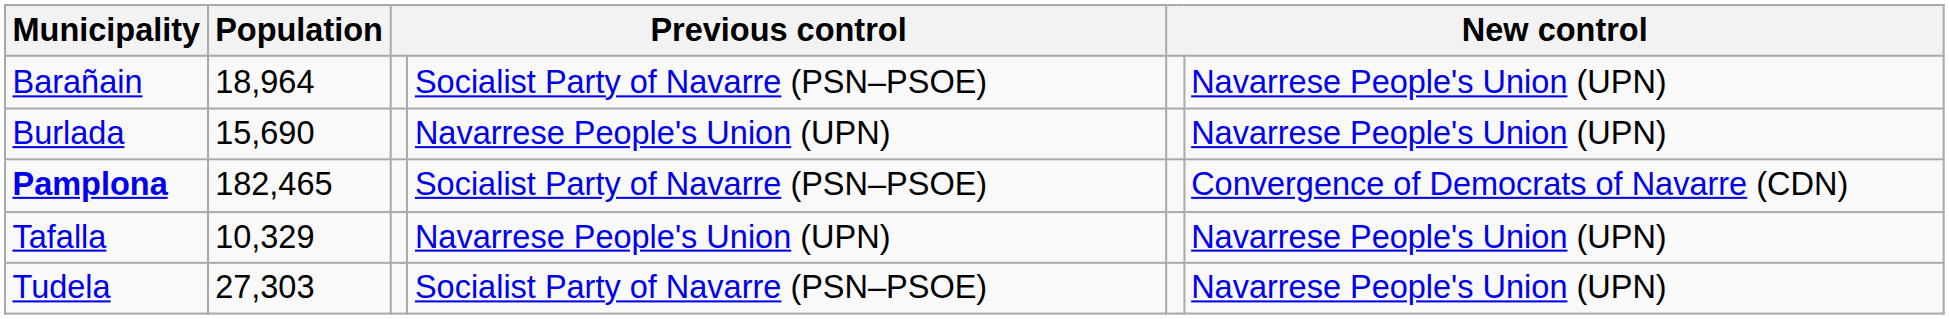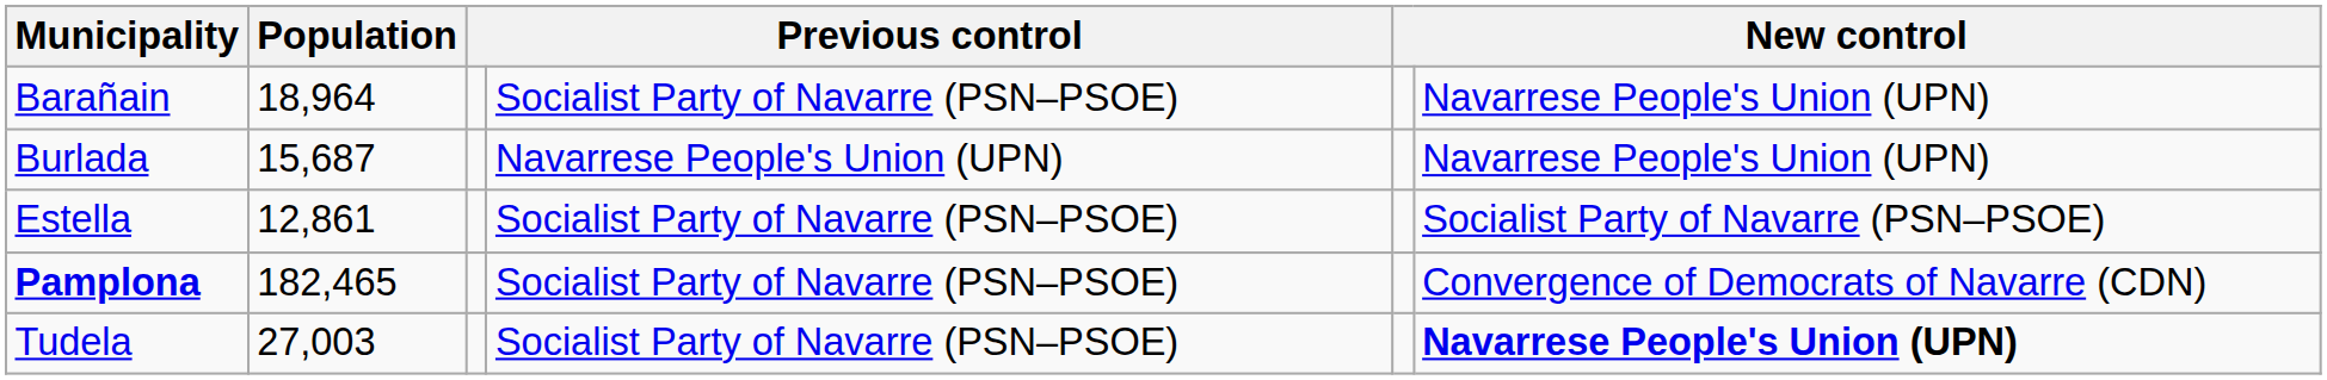 <table class="wikitable sortable">
 <tr>
 <th>Municipality</th>
 <th>Population</th>
 <th colspan="2" style="width:375px;">Previous control</th>
 <th colspan="2" style="width:375px;">New control</th>
 </tr>
 <tr>
 <td><a href='#'>Barañain</a></td>
 <td>18,964</td>
 <td width="1" style="color:inherit;background:"></td>
 <td><a href='#'>Socialist Party of Navarre</a> (PSN–PSOE)</td>
 <td width="1" style="color:inherit;background:"></td>
 <td><a href='#'>Navarrese People's Union</a> (UPN)</td>
 </tr>
 <tr>
 <td><a href='#'>Burlada</a></td>
-<td>15,690</td>
+<td>15,687</td>
 <td style="color:inherit;background:"></td>
 <td><a href='#'>Navarrese People's Union</a> (UPN)</td>
 <td style="color:inherit;background:"></td>
 <td><a href='#'>Navarrese People's Union</a> (UPN)</td>
+</tr>
+<tr>
+<td><a href='#'>Estella</a></td>
+<td>12,861</td>
+<td style="color:inherit;background:"></td>
+<td><a href='#'>Socialist Party of Navarre</a> (PSN–PSOE)</td>
+<td style="color:inherit;background:"></td>
+<td><a href='#'>Socialist Party of Navarre</a> (PSN–PSOE)</td>
 </tr>
 <tr>
 <td><strong><a href='#'>Pamplona</a></strong></td>
 <td>182,465</td>
 <td style="color:inherit;background:"></td>
 <td><a href='#'>Socialist Party of Navarre</a> (PSN–PSOE)</td>
 <td style="color:inherit;background:"></td>
 <td><a href='#'>Convergence of Democrats of Navarre</a> (CDN)</td>
 </tr>
 <tr>
-<td><a href='#'>Tafalla</a></td>
-<td>10,329</td>
-<td style="color:inherit;background:"></td>
-<td><a href='#'>Navarrese People's Union</a> (UPN)</td>
-<td style="color:inherit;background:"></td>
-<td><a href='#'>Navarrese People's Union</a> (UPN)</td>
-</tr>
-<tr>
 <td><a href='#'>Tudela</a></td>
-<td>27,303</td>
+<td>27,003</td>
 <td style="color:inherit;background:"></td>
 <td><a href='#'>Socialist Party of Navarre</a> (PSN–PSOE)</td>
 <td style="color:inherit;background:"></td>
-<td><a href='#'>Navarrese People's Union</a> (UPN)</td>
+<td><strong><a href='#'>Navarrese People's Union</a> (UPN)</strong></td>
 </tr>
 </table>
